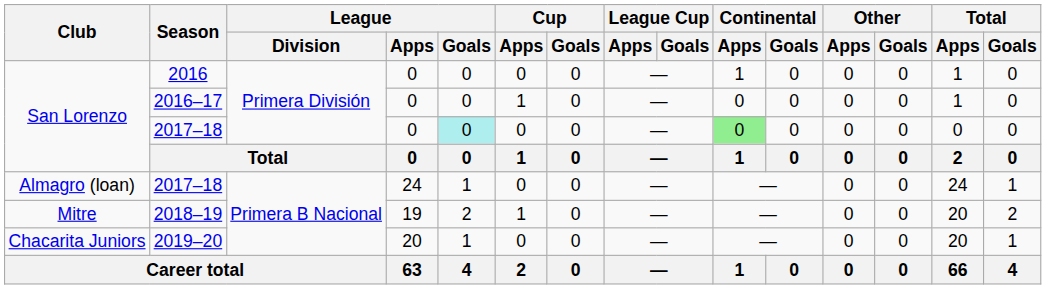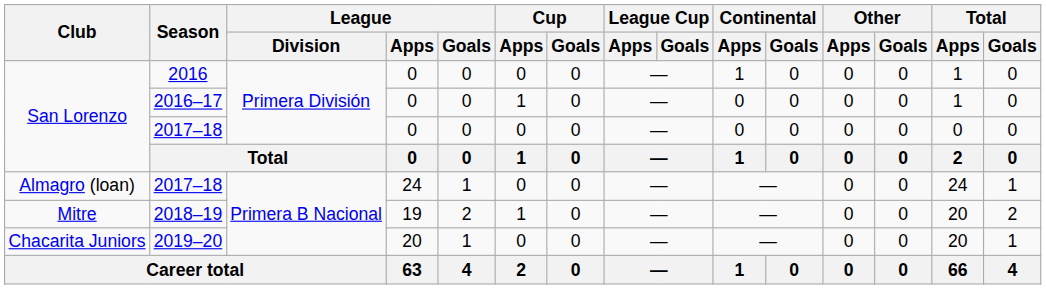 <table class="wikitable" style="text-align:center">
 <tr>
 <th rowspan="2">Club</th>
 <th rowspan="2">Season</th>
 <th colspan="3">League</th>
 <th colspan="2">Cup</th>
 <th colspan="2">League Cup</th>
 <th colspan="2">Continental</th>
 <th colspan="2">Other</th>
 <th colspan="2">Total</th>
 </tr>
 <tr>
 <th>Division</th>
 <th>Apps</th>
 <th>Goals</th>
 <th>Apps</th>
 <th>Goals</th>
 <th>Apps</th>
 <th>Goals</th>
 <th>Apps</th>
 <th>Goals</th>
 <th>Apps</th>
 <th>Goals</th>
 <th>Apps</th>
 <th>Goals</th>
 </tr>
 <tr>
 <td rowspan="4"><a href='#'>San Lorenzo</a></td>
 <td><a href='#'>2016</a></td>
 <td rowspan="3"><a href='#'>Primera División</a></td>
 <td>0</td>
 <td>0</td>
 <td>0</td>
 <td>0</td>
 <td colspan="2">—</td>
 <td>1</td>
 <td>0</td>
 <td>0</td>
 <td>0</td>
 <td>1</td>
 <td>0</td>
 </tr>
 <tr>
 <td><a href='#'>2016–17</a></td>
 <td>0</td>
 <td>0</td>
 <td>1</td>
 <td>0</td>
 <td colspan="2">—</td>
 <td>0</td>
 <td>0</td>
 <td>0</td>
 <td>0</td>
 <td>1</td>
 <td>0</td>
 </tr>
 <tr>
 <td><a href='#'>2017–18</a></td>
 <td>0</td>
-<td style="background: paleturquoise;">0</td>
+<td>0</td>
 <td>0</td>
 <td>0</td>
 <td colspan="2">—</td>
-<td style="background: lightgreen;">0</td>
+<td>0</td>
 <td>0</td>
 <td>0</td>
 <td>0</td>
 <td>0</td>
 <td>0</td>
 </tr>
 <tr>
 <th colspan="2">Total</th>
 <th>0</th>
 <th>0</th>
 <th>1</th>
 <th>0</th>
 <th colspan="2">—</th>
 <th>1</th>
 <th>0</th>
 <th>0</th>
 <th>0</th>
 <th>2</th>
 <th>0</th>
 </tr>
 <tr>
 <td rowspan="1"><a href='#'>Almagro</a> (loan)</td>
 <td><a href='#'>2017–18</a></td>
 <td rowspan="3"><a href='#'>Primera B Nacional</a></td>
 <td>24</td>
 <td>1</td>
 <td>0</td>
 <td>0</td>
 <td colspan="2">—</td>
 <td colspan="2">—</td>
 <td>0</td>
 <td>0</td>
 <td>24</td>
 <td>1</td>
 </tr>
 <tr>
 <td rowspan="1"><a href='#'>Mitre</a></td>
 <td><a href='#'>2018–19</a></td>
 <td>19</td>
 <td>2</td>
 <td>1</td>
 <td>0</td>
 <td colspan="2">—</td>
 <td colspan="2">—</td>
 <td>0</td>
 <td>0</td>
 <td>20</td>
 <td>2</td>
 </tr>
 <tr>
 <td rowspan="1"><a href='#'>Chacarita Juniors</a></td>
 <td><a href='#'>2019–20</a></td>
 <td>20</td>
 <td>1</td>
 <td>0</td>
 <td>0</td>
 <td colspan="2">—</td>
 <td colspan="2">—</td>
 <td>0</td>
 <td>0</td>
 <td>20</td>
 <td>1</td>
 </tr>
 <tr>
 <th colspan="3">Career total</th>
 <th>63</th>
 <th>4</th>
 <th>2</th>
 <th>0</th>
 <th colspan="2">—</th>
 <th>1</th>
 <th>0</th>
 <th>0</th>
 <th>0</th>
 <th>66</th>
 <th>4</th>
 </tr>
 </table>
